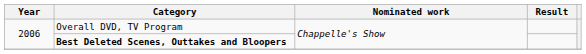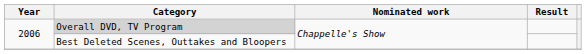 <table class=wikitable>
 <tr>
 <th scope="col" style="width:5em;">Year</th>
 <th scope="col" style="width:26em;">Category</th>
 <th scope="col" style="width:25em;">Nominated work</th>
 <th scope="col" style="width:5em;">Result</th>
 <th></th>
 </tr>
 <tr>
 <td style="text-align:center;", rowspan="2">2006</td>
-<td>Overall DVD, TV Program</td>
+<td style="background: lightgrey;">Overall DVD, TV Program</td>
 <td rowspan="2"><em>Chappelle's Show</em></td>
 <td></td>
 <th style="text-align:center;" rowspan="2"></th>
 </tr>
 <tr>
-<td><strong>Best Deleted Scenes, Outtakes and Bloopers</strong></td>
+<td>Best Deleted Scenes, Outtakes and Bloopers</td>
 <td></td>
 </tr>
 <tr>
 </tr>
 </table>
